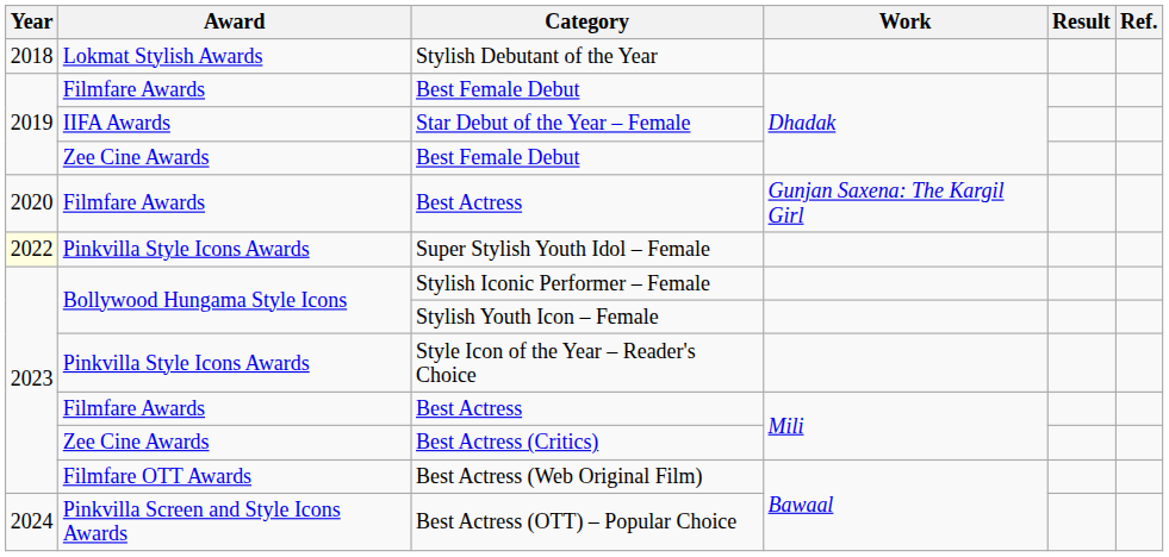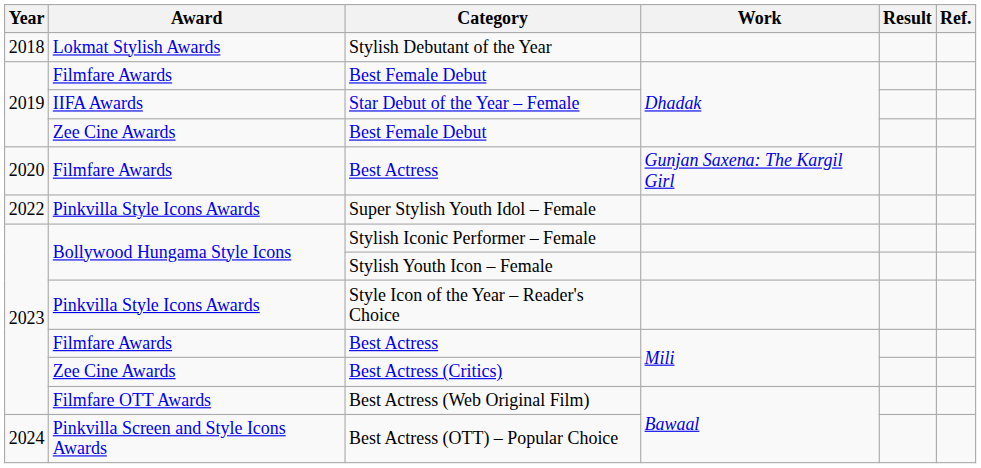 <table class="wikitable">
 <tr>
 <th>Year</th>
 <th>Award</th>
 <th>Category</th>
 <th>Work</th>
 <th>Result</th>
 <th>Ref.</th>
 </tr>
 <tr>
 <td>2018</td>
 <td><a href='#'>Lokmat Stylish Awards</a></td>
 <td>Stylish Debutant of the Year</td>
 <td></td>
 <td></td>
 <td></td>
 </tr>
 <tr>
 <td rowspan="3">2019</td>
 <td><a href='#'>Filmfare Awards</a></td>
 <td><a href='#'>Best Female Debut</a></td>
 <td rowspan="3"><em><a href='#'>Dhadak</a></em></td>
 <td></td>
 <td></td>
 </tr>
 <tr>
 <td><a href='#'>IIFA Awards</a></td>
 <td><a href='#'>Star Debut of the Year – Female</a></td>
 <td></td>
 <td></td>
 </tr>
 <tr>
 <td><a href='#'>Zee Cine Awards</a></td>
 <td><a href='#'>Best Female Debut</a></td>
 <td></td>
 <td></td>
 </tr>
 <tr>
 <td>2020</td>
 <td><a href='#'>Filmfare Awards</a></td>
 <td><a href='#'>Best Actress</a></td>
 <td><em><a href='#'>Gunjan Saxena: The Kargil Girl</a></em></td>
 <td></td>
 <td></td>
 </tr>
 <tr>
-<td style="background: lightyellow;">2022</td>
+<td>2022</td>
 <td><a href='#'>Pinkvilla Style Icons Awards</a></td>
 <td>Super Stylish Youth Idol – Female</td>
 <td></td>
 <td></td>
 <td></td>
 </tr>
 <tr>
 <td rowspan="6">2023</td>
 <td rowspan="2"><a href='#'>Bollywood Hungama Style Icons</a></td>
 <td>Stylish Iconic Performer – Female</td>
 <td></td>
 <td></td>
 <td></td>
 </tr>
 <tr>
 <td>Stylish Youth Icon – Female</td>
 <td></td>
 <td></td>
 <td></td>
 </tr>
 <tr>
 <td><a href='#'>Pinkvilla Style Icons Awards</a></td>
 <td>Style Icon of the Year – Reader's Choice</td>
 <td></td>
 <td></td>
 <td></td>
 </tr>
 <tr>
 <td><a href='#'>Filmfare Awards</a></td>
 <td><a href='#'>Best Actress</a></td>
 <td rowspan="2"><em><a href='#'>Mili</a></em></td>
 <td></td>
 <td></td>
 </tr>
 <tr>
 <td><a href='#'>Zee Cine Awards</a></td>
 <td><a href='#'>Best Actress (Critics)</a></td>
 <td></td>
 <td></td>
 </tr>
 <tr>
 <td><a href='#'>Filmfare OTT Awards</a></td>
 <td>Best Actress (Web Original Film)</td>
 <td rowspan="2"><em><a href='#'>Bawaal</a></em></td>
 <td></td>
 <td></td>
 </tr>
 <tr>
 <td>2024</td>
 <td><a href='#'>Pinkvilla Screen and Style Icons Awards</a></td>
 <td>Best Actress (OTT) – Popular Choice</td>
 <td></td>
 <td></td>
 </tr>
 </table>
